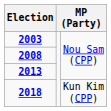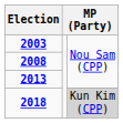 <table class="wikitable" style="text-align:center">
 <tr>
 <th>Election</th>
 <th colspan=2>MP<br>(Party)</th>
 </tr>
 <tr>
 <td><strong><a href='#'>2003</a></strong></td>
 <td rowspan=4; style="background-color: "></td>
 <td rowspan=3><a href='#'>Nou Sam</a><br>(<a href='#'>CPP</a>)</td>
 </tr>
 <tr>
 <td><strong><a href='#'>2008</a></strong></td>
 </tr>
 <tr>
 <td><strong><a href='#'>2013</a></strong></td>
 </tr>
 <tr>
 <td><strong><a href='#'>2018</a></strong></td>
-<td rowspan=1>Kun Kim<br>(<a href='#'>CPP</a>)</td>
+<td rowspan=1 style="background: lightgrey;">Kun Kim<br>(<a href='#'>CPP</a>)</td>
 </tr>
 </table>
